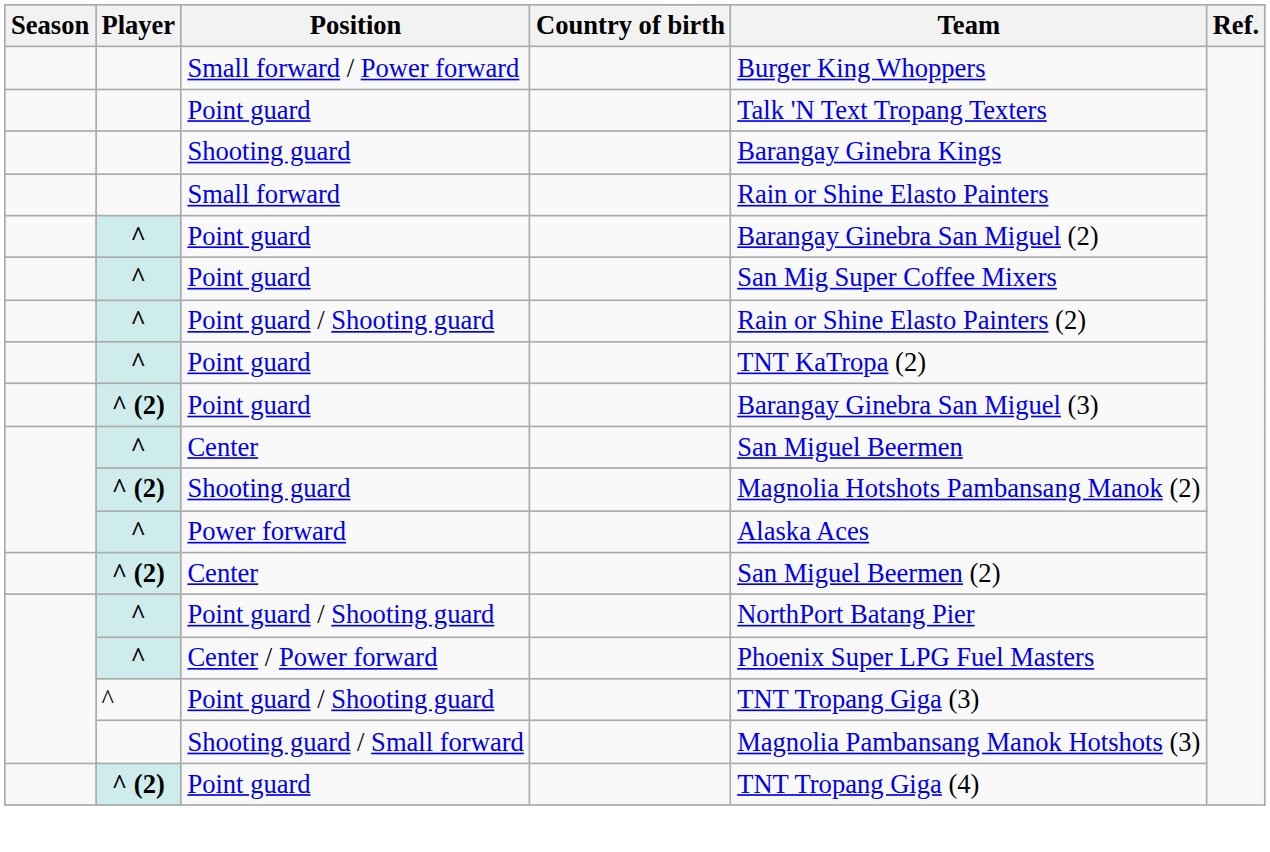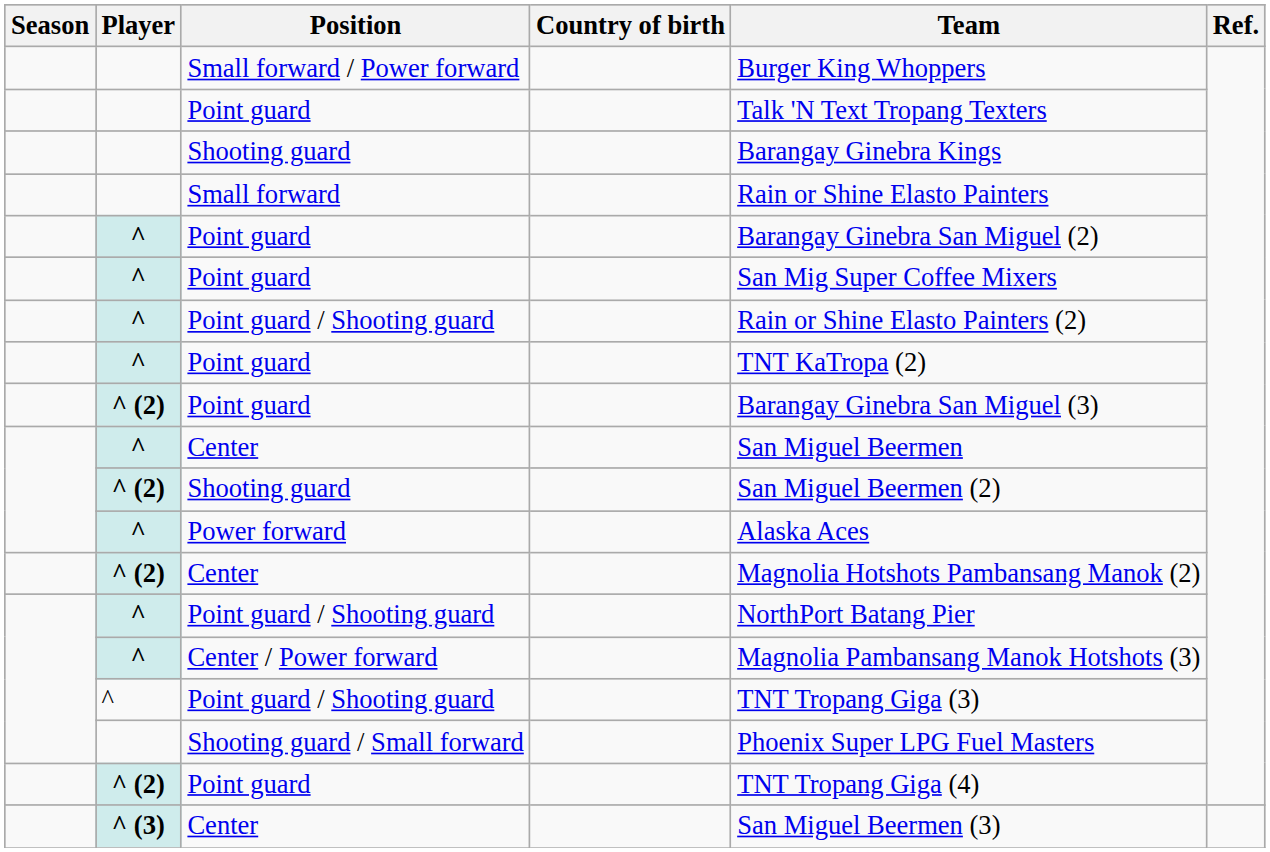 <table class="wikitable plainrowheaders sortable" summary="Season (sortable), Coach (sortable), Nationality (sortable), Team (sortable)width=640px">
 <tr>
 <th scope="col">Season</th>
 <th scope="col">Player</th>
 <th scope="col">Position</th>
 <th scope="col">Country of birth</th>
 <th scope="col">Team</th>
 <th scope="col" class=unsortable>Ref.</th>
 </tr>
 <tr>
 <td></td>
 <td></td>
 <td><a href='#'>Small forward</a> / <a href='#'>Power forward</a></td>
 <td></td>
 <td><a href='#'>Burger King Whoppers</a></td>
 </tr>
 <tr>
 <td></td>
 <td></td>
 <td><a href='#'>Point guard</a></td>
 <td></td>
 <td><a href='#'>Talk 'N Text Tropang Texters</a></td>
 </tr>
 <tr>
 <td></td>
 <td></td>
 <td><a href='#'>Shooting guard</a></td>
 <td></td>
 <td><a href='#'>Barangay Ginebra Kings</a></td>
 </tr>
 <tr>
 <td></td>
 <td></td>
 <td><a href='#'>Small forward</a></td>
 <td></td>
 <td><a href='#'>Rain or Shine Elasto Painters</a></td>
 </tr>
 <tr>
 <td></td>
 <th scope="row" style="background-color:#CFECEC">^</th>
 <td><a href='#'>Point guard</a></td>
 <td></td>
 <td><a href='#'>Barangay Ginebra San Miguel</a> (2)</td>
 </tr>
 <tr>
 <td></td>
 <th scope="row" style="background-color:#CFECEC">^</th>
 <td><a href='#'>Point guard</a></td>
 <td></td>
 <td><a href='#'>San Mig Super Coffee Mixers</a></td>
 </tr>
 <tr>
 <td></td>
 <th scope="row" style="background-color:#CFECEC">^</th>
 <td><a href='#'>Point guard</a> / <a href='#'>Shooting guard</a></td>
 <td></td>
 <td><a href='#'>Rain or Shine Elasto Painters</a> (2)</td>
 </tr>
 <tr>
 <td></td>
 <th scope="row" style="background-color:#CFECEC">^</th>
 <td><a href='#'>Point guard</a></td>
 <td></td>
 <td><a href='#'>TNT KaTropa</a> (2)</td>
 </tr>
 <tr>
 <td></td>
 <th scope="row" style="background-color:#CFECEC">^ (2)</th>
 <td><a href='#'>Point guard</a></td>
 <td></td>
 <td><a href='#'>Barangay Ginebra San Miguel</a> (3)</td>
 </tr>
 <tr>
 <td rowspan=3></td>
 <th scope="row" style="background-color:#CFECEC">^</th>
 <td><a href='#'>Center</a></td>
 <td></td>
 <td><a href='#'>San Miguel Beermen</a></td>
 </tr>
 <tr>
 <th scope="row" style="background-color:#CFECEC">^ (2)</th>
 <td><a href='#'>Shooting guard</a></td>
 <td></td>
-<td><a href='#'>Magnolia Hotshots Pambansang Manok</a> (2)</td>
+<td><a href='#'>San Miguel Beermen</a> (2)</td>
 </tr>
 <tr>
 <th scope="row" style="background-color:#CFECEC">^</th>
 <td><a href='#'>Power forward</a></td>
 <td></td>
 <td><a href='#'>Alaska Aces</a></td>
 </tr>
 <tr>
 <td></td>
 <th scope="row" style="background-color:#CFECEC">^ (2)</th>
 <td><a href='#'>Center</a></td>
 <td></td>
-<td><a href='#'>San Miguel Beermen</a> (2)</td>
+<td><a href='#'>Magnolia Hotshots Pambansang Manok</a> (2)</td>
 </tr>
 <tr>
 <td rowspan=4></td>
 <th scope="row" style="background-color:#CFECEC">^</th>
 <td><a href='#'>Point guard</a> / <a href='#'>Shooting guard</a></td>
 <td></td>
 <td><a href='#'>NorthPort Batang Pier</a></td>
 </tr>
 <tr>
 <th scope="row" style="background-color:#CFECEC">^</th>
 <td><a href='#'>Center</a> / <a href='#'>Power forward</a></td>
 <td></td>
-<td><a href='#'>Phoenix Super LPG Fuel Masters</a></td>
+<td><a href='#'>Magnolia Pambansang Manok Hotshots</a> (3)</td>
 </tr>
 <tr>
 <td>^</td>
 <td><a href='#'>Point guard</a> / <a href='#'>Shooting guard</a></td>
 <td></td>
 <td><a href='#'>TNT Tropang Giga</a> (3)</td>
 </tr>
 <tr>
 <td></td>
 <td><a href='#'>Shooting guard</a> / <a href='#'>Small forward</a></td>
 <td></td>
-<td><a href='#'>Magnolia Pambansang Manok Hotshots</a> (3)</td>
+<td><a href='#'>Phoenix Super LPG Fuel Masters</a></td>
 </tr>
 <tr>
 <td></td>
 <th scope="row" style="background-color:#CFECEC">^ (2)</th>
 <td><a href='#'>Point guard</a></td>
 <td></td>
 <td><a href='#'>TNT Tropang Giga</a> (4)</td>
 </tr>
+<tr>
+<td></td>
+<th scope="row" style="background-color:#CFECEC">^ (3)</th>
+<td><a href='#'>Center</a></td>
+<td></td>
+<td><a href='#'>San Miguel Beermen</a> (3)</td>
+<td></td>
+</tr>
 </table>
